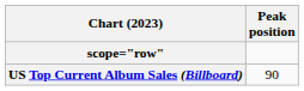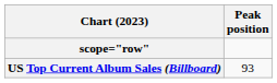 <table class="wikitable plainrowheaders sortable" style="text-align:center">
 <tr>
 <th scope="col">Chart (2023)</th>
 <th scope="col">Peak<br>position</th>
 </tr>
 <tr>
 <th>scope="row" </th>
 </tr>
 <tr>
 <th scope="row">US <a href='#'>Top Current Album Sales</a> <em>(<a href='#'>Billboard</a>)</em></th>
-<td>90</td>
+<td>93</td>
 </tr>
 </table>
